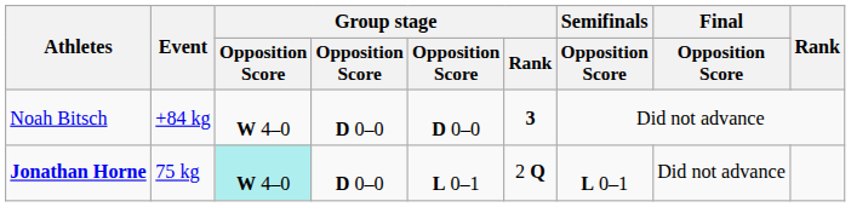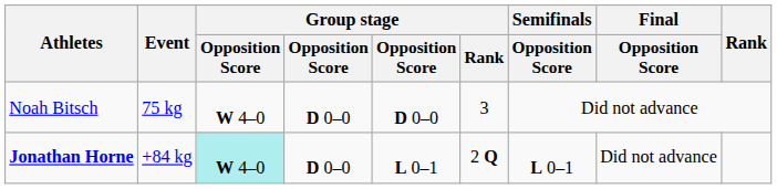 <table class="wikitable" style="font-size:90%">
 <tr>
 <th rowspan="2">Athletes</th>
 <th rowspan="2">Event</th>
 <th colspan="4">Group stage</th>
 <th>Semifinals</th>
 <th>Final</th>
 <th rowspan="2">Rank</th>
 </tr>
 <tr style="font-size:95%">
 <th>Opposition<br>Score</th>
 <th>Opposition<br>Score</th>
 <th>Opposition<br>Score</th>
 <th>Rank</th>
 <th>Opposition<br>Score</th>
 <th>Opposition<br>Score</th>
 </tr>
 <tr align=center>
 <td align=left><a href='#'>Noah Bitsch</a></td>
-<td align=left><a href='#'>+84 kg</a></td>
+<td align=left><a href='#'>75 kg</a></td>
 <td><br><strong>W</strong> 4–0</td>
 <td><br><strong>D</strong> 0–0</td>
 <td><br><strong>D</strong> 0–0</td>
-<td><strong>3</strong></td>
+<td>3</td>
 <td colspan=3>Did not advance</td>
 </tr>
 <tr align=center>
 <td align=left><strong><a href='#'>Jonathan Horne</a></strong></td>
-<td align=left><a href='#'>75 kg</a></td>
+<td align=left><a href='#'>+84 kg</a></td>
 <td style="background: paleturquoise;"><br><strong>W</strong> 4–0</td>
 <td><br><strong>D</strong> 0–0</td>
 <td><br><strong>L</strong> 0–1</td>
 <td>2 <strong>Q</strong></td>
 <td><br><strong>L</strong> 0–1</td>
 <td>Did not advance</td>
 <td></td>
 </tr>
 </table>
